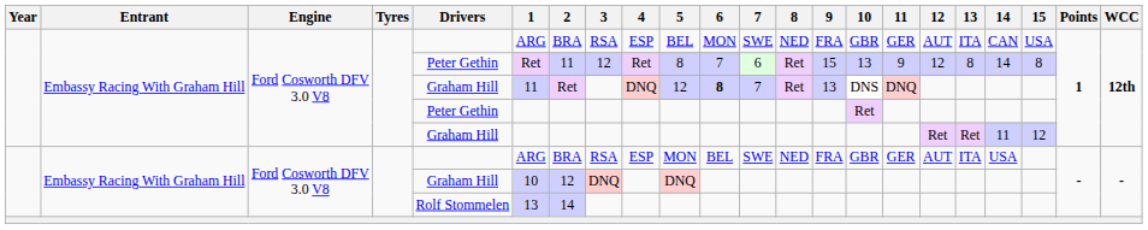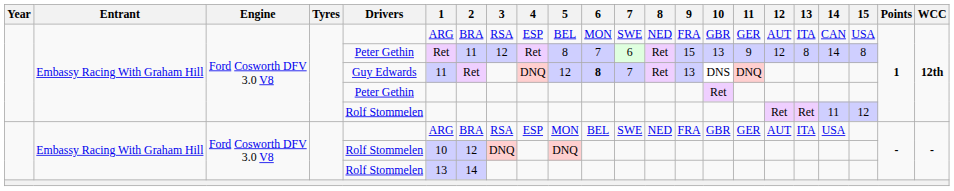 <table class="wikitable" style="text-align:center; font-size:90%">
 <tr>
 <th>Year</th>
 <th>Entrant</th>
 <th>Engine</th>
 <th>Tyres</th>
 <th>Drivers</th>
 <th>1</th>
 <th>2</th>
 <th>3</th>
 <th>4</th>
 <th>5</th>
 <th>6</th>
 <th>7</th>
 <th>8</th>
 <th>9</th>
 <th>10</th>
 <th>11</th>
 <th>12</th>
 <th>13</th>
 <th>14</th>
 <th>15</th>
 <th>Points</th>
 <th>WCC</th>
 </tr>
 <tr>
 <td rowspan="5"></td>
 <td rowspan="5"><a href='#'>Embassy Racing With Graham Hill</a></td>
 <td rowspan="5"><a href='#'>Ford</a> <a href='#'>Cosworth DFV</a> <br>3.0 <a href='#'>V8</a></td>
 <td rowspan="5"></td>
 <td></td>
 <td><a href='#'>ARG</a></td>
 <td><a href='#'>BRA</a></td>
 <td><a href='#'>RSA</a></td>
 <td><a href='#'>ESP</a></td>
 <td><a href='#'>BEL</a></td>
 <td><a href='#'>MON</a></td>
 <td><a href='#'>SWE</a></td>
 <td><a href='#'>NED</a></td>
 <td><a href='#'>FRA</a></td>
 <td><a href='#'>GBR</a></td>
 <td><a href='#'>GER</a></td>
 <td><a href='#'>AUT</a></td>
 <td><a href='#'>ITA</a></td>
 <td><a href='#'>CAN</a></td>
 <td><a href='#'>USA</a></td>
 <td rowspan="5"><strong>1</strong></td>
 <td rowspan="5"><strong>12th</strong></td>
 </tr>
 <tr>
 <td><a href='#'>Peter Gethin</a></td>
 <td style="background:#EFCFFF;">Ret</td>
 <td style="background:#CFCFFF;">11</td>
 <td style="background:#CFCFFF;">12</td>
 <td style="background:#EFCFFF;">Ret</td>
 <td style="background:#CFCFFF;">8</td>
 <td style="background:#CFCFFF;">7</td>
 <td style="background:#DFFFDF;">6</td>
 <td style="background:#EFCFFF;">Ret</td>
 <td style="background:#CFCFFF;">15</td>
 <td style="background:#CFCFFF;">13</td>
 <td style="background:#CFCFFF;">9</td>
 <td style="background:#CFCFFF;">12</td>
 <td style="background:#CFCFFF;">8</td>
 <td style="background:#CFCFFF;">14</td>
 <td style="background:#CFCFFF;">8</td>
 </tr>
 <tr>
-<td><a href='#'>Graham Hill</a></td>
+<td><a href='#'>Guy Edwards</a></td>
 <td style="background:#CFCFFF;">11</td>
 <td style="background:#EFCFFF;">Ret</td>
 <td></td>
 <td style="background:#FFCFCF;">DNQ</td>
 <td style="background:#CFCFFF;">12</td>
 <td style="background:#CFCFFF;"><strong>8</strong></td>
 <td style="background:#CFCFFF;">7</td>
 <td style="background:#EFCFFF;">Ret</td>
 <td style="background:#CFCFFF;">13</td>
 <td style="background:#FFFFFF;">DNS</td>
 <td style="background:#FFCFCF;">DNQ</td>
 <td></td>
 <td></td>
 <td></td>
 <td></td>
 </tr>
 <tr>
 <td><a href='#'>Peter Gethin</a></td>
 <td></td>
 <td></td>
 <td></td>
 <td></td>
 <td></td>
 <td></td>
 <td></td>
 <td></td>
 <td></td>
 <td style="background:#EFCFFF;">Ret</td>
 <td></td>
 <td></td>
 <td></td>
 <td></td>
 <td></td>
 </tr>
 <tr>
-<td><a href='#'>Graham Hill</a></td>
+<td><a href='#'>Rolf Stommelen</a></td>
 <td></td>
 <td></td>
 <td></td>
 <td></td>
 <td></td>
 <td></td>
 <td></td>
 <td></td>
 <td></td>
 <td></td>
 <td></td>
 <td style="background:#EFCFFF;">Ret</td>
 <td style="background:#EFCFFF;">Ret</td>
 <td style="background:#CFCFFF;">11</td>
 <td style="background:#CFCFFF;">12</td>
 </tr>
 <tr>
 <td rowspan="3"></td>
 <td rowspan="3"><a href='#'>Embassy Racing With Graham Hill</a></td>
 <td rowspan="3"><a href='#'>Ford</a> <a href='#'>Cosworth DFV</a> <br>3.0 <a href='#'>V8</a></td>
 <td rowspan="3"></td>
 <td></td>
 <td><a href='#'>ARG</a></td>
 <td><a href='#'>BRA</a></td>
 <td><a href='#'>RSA</a></td>
 <td><a href='#'>ESP</a></td>
 <td><a href='#'>MON</a></td>
 <td><a href='#'>BEL</a></td>
 <td><a href='#'>SWE</a></td>
 <td><a href='#'>NED</a></td>
 <td><a href='#'>FRA</a></td>
 <td><a href='#'>GBR</a></td>
 <td><a href='#'>GER</a></td>
 <td><a href='#'>AUT</a></td>
 <td><a href='#'>ITA</a></td>
 <td><a href='#'>USA</a></td>
 <td></td>
 <td rowspan="3"><strong>-</strong></td>
 <td rowspan="3"><strong>-</strong></td>
 </tr>
 <tr>
-<td><a href='#'>Graham Hill</a></td>
+<td><a href='#'>Rolf Stommelen</a></td>
 <td style="background:#CFCFFF;">10</td>
 <td style="background:#CFCFFF;">12</td>
 <td style="background:#FFCFCF;">DNQ</td>
 <td></td>
 <td style="background:#FFCFCF;">DNQ</td>
 <td></td>
 <td></td>
 <td></td>
 <td></td>
 <td></td>
 <td></td>
 <td></td>
 <td></td>
 <td></td>
 <td></td>
 </tr>
 <tr>
 <td><a href='#'>Rolf Stommelen</a></td>
 <td style="background:#CFCFFF;">13</td>
 <td style="background:#CFCFFF;">14</td>
 <td></td>
 <td></td>
 <td></td>
 <td></td>
 <td></td>
 <td></td>
 <td></td>
 <td></td>
 <td></td>
 <td></td>
 <td></td>
 <td></td>
 <td></td>
 </tr>
 <tr>
 <th colspan="22"></th>
 </tr>
 </table>
